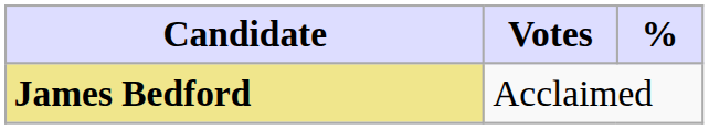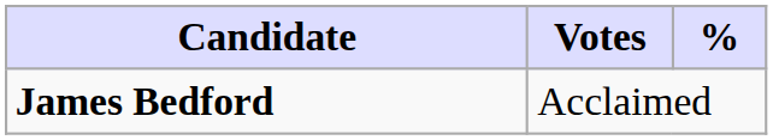 <table class="wikitable">
 <tr>
 <th style="background:#ddf; width:200px;">Candidate</th>
 <th style="background:#ddf; width:50px;">Votes</th>
 <th style="background:#ddf; width:30px;">%</th>
 </tr>
 <tr>
-<td style="background: khaki;"><strong>James Bedford</strong></td>
+<td><strong>James Bedford</strong></td>
 <td colspan="2">Acclaimed</td>
 </tr>
 </table>
